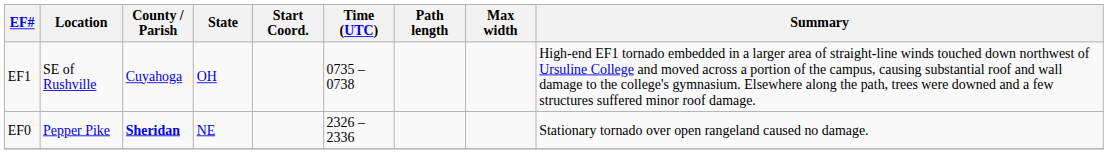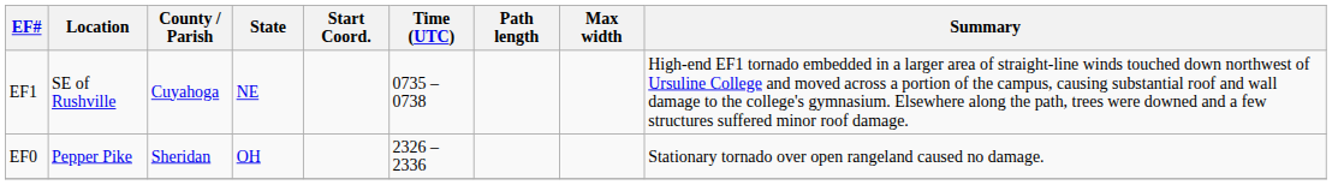 <table class="wikitable sortable" style="width:100%;">
 <tr>
 <th scope="col" width="3%" align="center"><a href='#'>EF#</a></th>
 <th scope="col" width="7%" align="center" class="unsortable">Location</th>
 <th scope="col" width="6%" align="center" class="unsortable">County / Parish</th>
 <th scope="col" width="5%" align="center">State</th>
 <th scope="col" width="6%" align="center">Start Coord.</th>
 <th scope="col" width="6%" align="center">Time (<a href='#'>UTC</a>)</th>
 <th scope="col" width="6%" align="center">Path length</th>
 <th scope="col" width="6%" align="center">Max width</th>
 <th scope="col" width="48%" class="unsortable" align="center">Summary</th>
 </tr>
 <tr>
 <td>EF1</td>
 <td>SE of <a href='#'>Rushville</a></td>
 <td><a href='#'>Cuyahoga</a></td>
-<td><a href='#'>OH</a></td>
+<td><a href='#'>NE</a></td>
 <td></td>
 <td>0735 – 0738</td>
 <td></td>
 <td></td>
 <td>High-end EF1 tornado embedded in a larger area of straight-line winds touched down northwest of <a href='#'>Ursuline College</a> and moved across a portion of the campus, causing substantial roof and wall damage to the college's gymnasium. Elsewhere along the path, trees were downed and a few structures suffered minor roof damage.</td>
 </tr>
 <tr>
 <td>EF0</td>
 <td><a href='#'>Pepper Pike</a></td>
-<td><strong><a href='#'>Sheridan</a></strong></td>
-<td><a href='#'>NE</a></td>
+<td><a href='#'>Sheridan</a></td>
+<td><a href='#'>OH</a></td>
 <td></td>
 <td>2326 – 2336</td>
 <td></td>
 <td></td>
 <td>Stationary tornado over open rangeland caused no damage.</td>
 </tr>
 <tr>
 </tr>
 </table>
